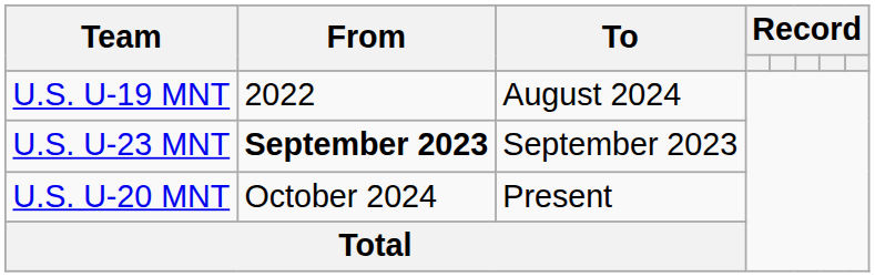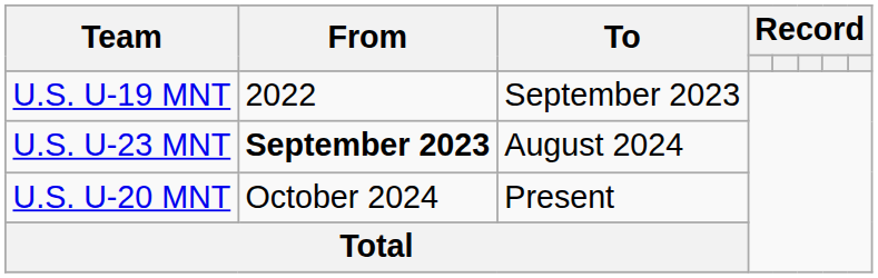 <table class=wikitable style=text-align:center>
 <tr>
 <th rowspan="2">Team</th>
 <th rowspan="2">From</th>
 <th rowspan="2">To</th>
 <th colspan="5">Record</th>
 </tr>
 <tr>
 <th></th>
 <th></th>
 <th></th>
 <th></th>
 <th></th>
 </tr>
 <tr>
 <td align=left><a href='#'>U.S. U-19 MNT</a></td>
 <td align=left>2022</td>
-<td align=left>August 2024<br></td>
+<td align=left>September 2023<br></td>
 </tr>
 <tr>
 <td align=left><a href='#'>U.S. U-23 MNT</a></td>
 <td align=left><strong>September 2023</strong></td>
-<td align=left>September 2023<br></td>
+<td align=left>August 2024<br></td>
 </tr>
 <tr>
 <td align=left><a href='#'>U.S. U-20 MNT</a></td>
 <td align=left>October 2024</td>
 <td align=left>Present<br></td>
 </tr>
 <tr>
 <th colspan="3">Total<br></th>
 </tr>
 </table>
